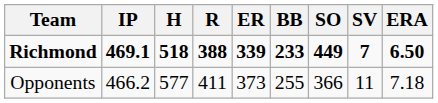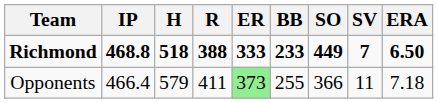 <table class="wikitable sortable">
 <tr>
 <th>Team</th>
 <th>IP</th>
 <th>H</th>
 <th>R</th>
 <th>ER</th>
 <th>BB</th>
 <th>SO</th>
 <th>SV</th>
 <th>ERA</th>
 </tr>
 <tr style="text-align:center;">
 <td><strong>Richmond</strong></td>
-<td><strong>469.1</strong></td>
+<td><strong>468.8</strong></td>
 <td><strong>518</strong></td>
 <td><strong>388</strong></td>
-<td><strong>339</strong></td>
+<td><strong>333</strong></td>
 <td><strong>233</strong></td>
 <td><strong>449</strong></td>
 <td><strong>7</strong></td>
 <td><strong>6.50</strong></td>
 </tr>
 <tr style="text-align:center;">
 <td>Opponents</td>
-<td>466.2</td>
-<td>577</td>
+<td>466.4</td>
+<td>579</td>
 <td>411</td>
-<td>373</td>
+<td style="background: lightgreen;">373</td>
 <td>255</td>
 <td>366</td>
 <td>11</td>
 <td>7.18</td>
 </tr>
 </table>
